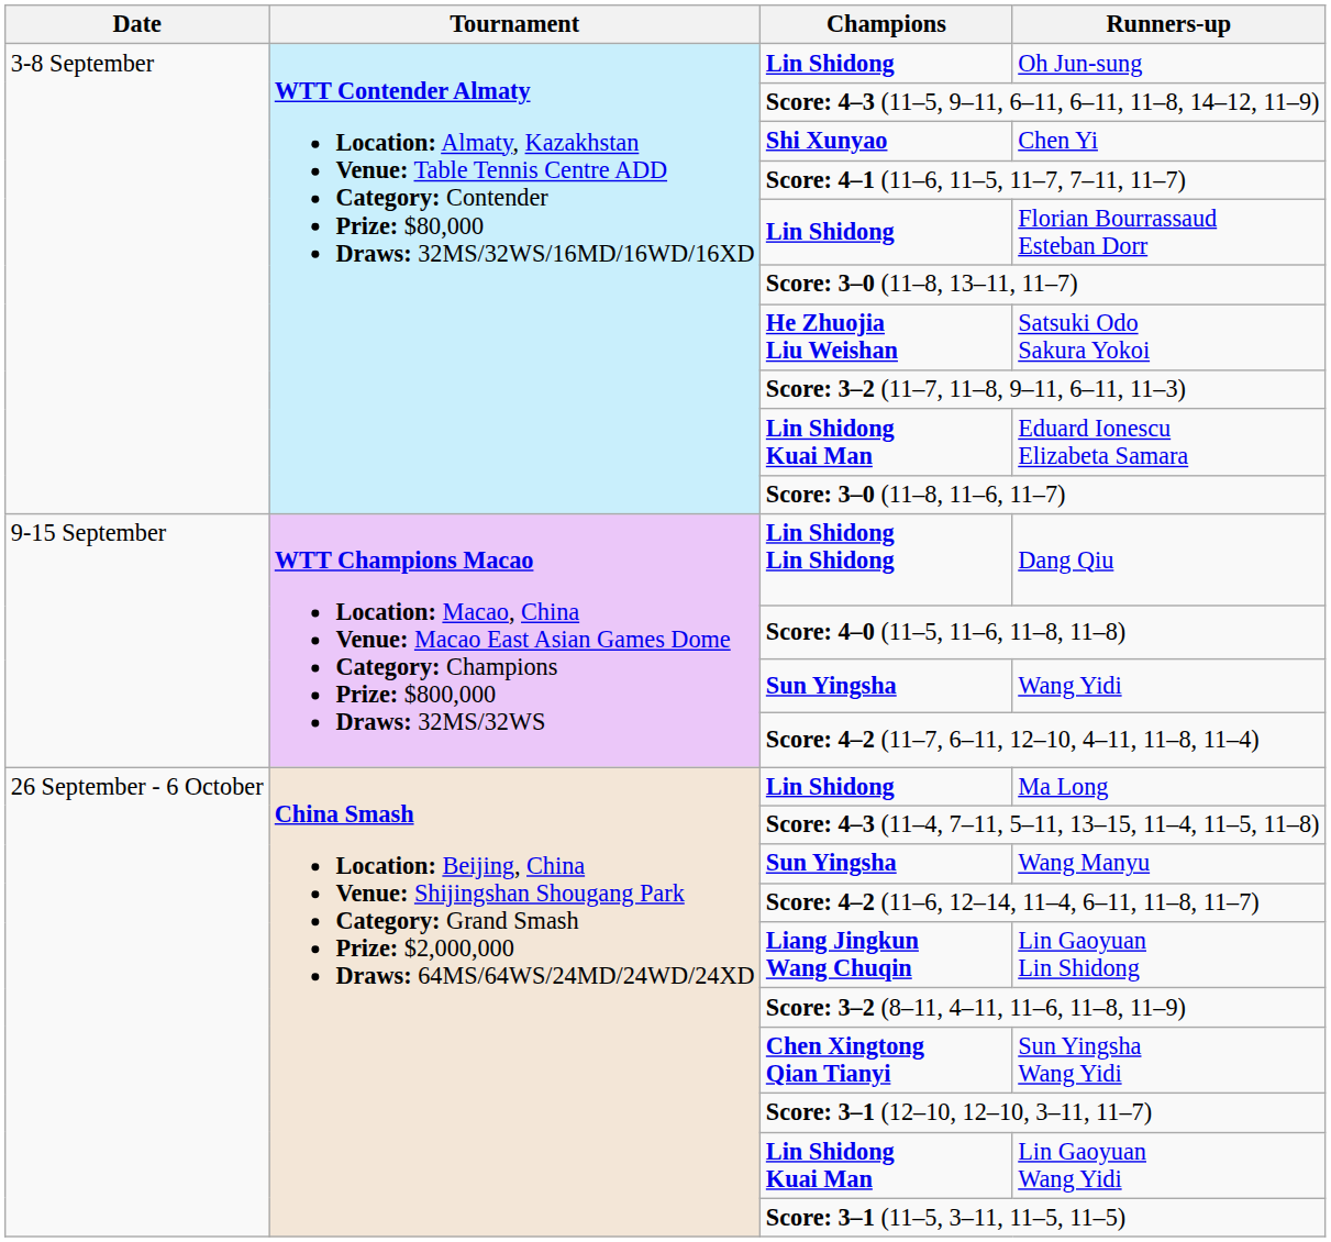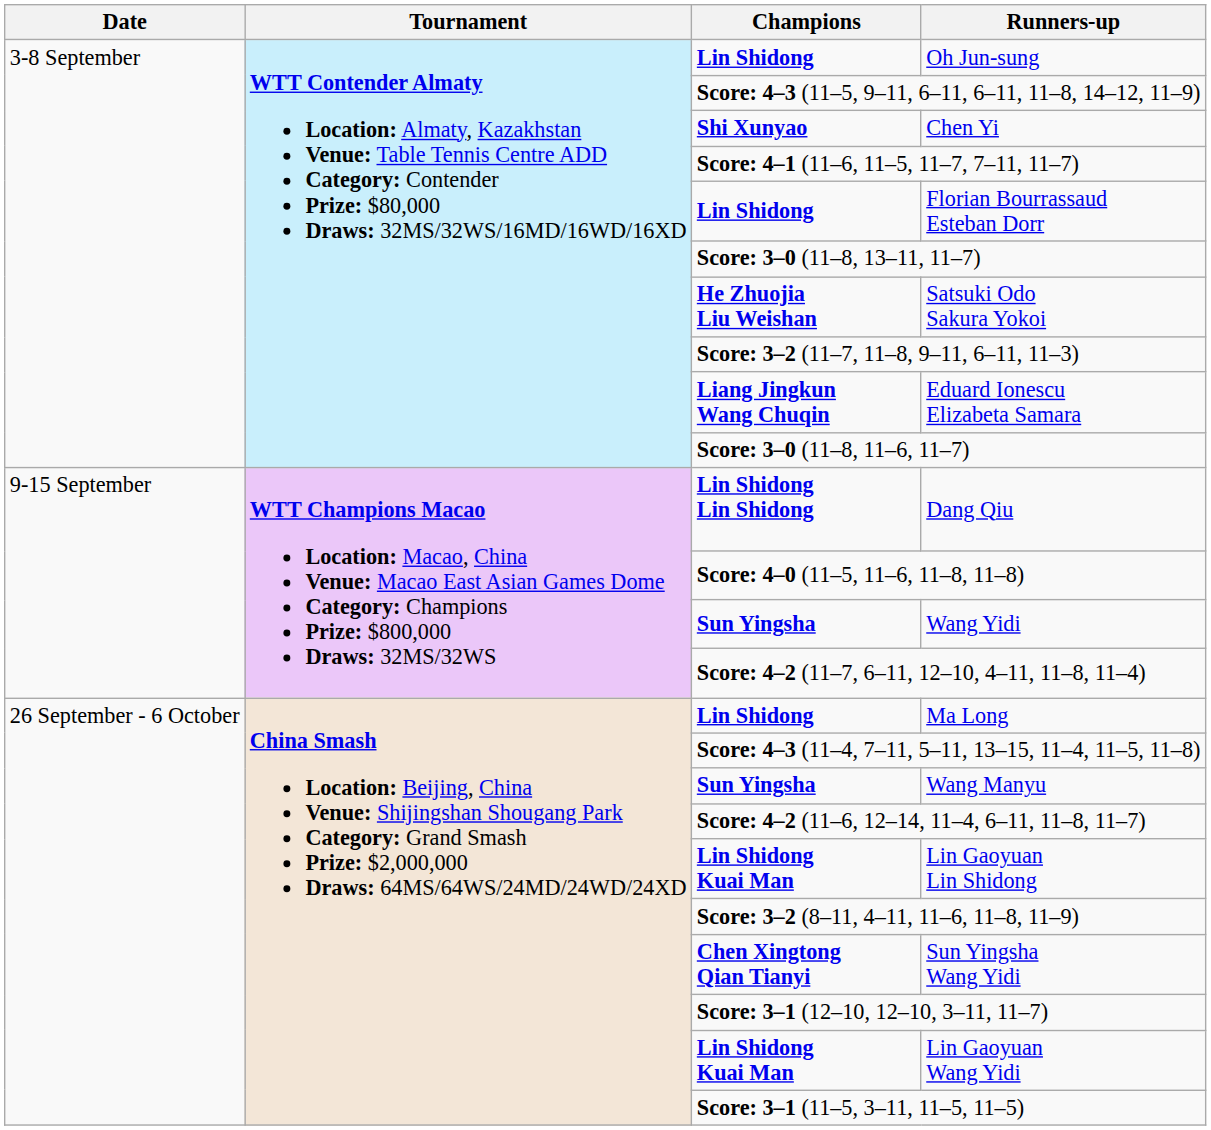 <table class="wikitable">
 <tr>
 <th scope=col>Date</th>
 <th scope=col>Tournament</th>
 <th scope=col>Champions</th>
 <th scope=col>Runners-up</th>
 </tr>
 <tr valign=top>
 <td rowspan=10>3-8 September</td>
 <td style="background:#C9EFFC;" rowspan="10"><br><strong><a href='#'>WTT Contender Almaty</a></strong><ul><li><strong>Location:</strong> <a href='#'>Almaty</a>, <a href='#'>Kazakhstan</a></li><li><strong>Venue:</strong> <a href='#'>Table Tennis Centre ADD</a></li><li><strong>Category:</strong> Contender</li><li><strong>Prize:</strong> $80,000</li><li><strong>Draws:</strong> 32MS/32WS/16MD/16WD/16XD</li></ul></td>
 <td><strong> <a href='#'>Lin Shidong</a></strong></td>
 <td> <a href='#'>Oh Jun-sung</a></td>
 </tr>
 <tr>
 <td colspan=2><strong>Score: 4–3</strong> (11–5, 9–11, 6–11, 6–11, 11–8, 14–12, 11–9)</td>
 </tr>
 <tr valign=top>
 <td><strong> <a href='#'>Shi Xunyao</a></strong></td>
 <td> <a href='#'>Chen Yi</a></td>
 </tr>
 <tr>
 <td colspan=2><strong>Score: 4–1</strong> (11–6, 11–5, 11–7, 7–11, 11–7)</td>
 </tr>
 <tr valign=top>
 <td valign=middle><strong> <a href='#'>Lin Shidong</a></strong></td>
 <td> <a href='#'>Florian Bourrassaud</a><br> <a href='#'>Esteban Dorr</a></td>
 </tr>
 <tr>
 <td colspan=2><strong>Score: 3–0</strong> (11–8, 13–11, 11–7)</td>
 </tr>
 <tr valign=top>
 <td><strong> <a href='#'>He Zhuojia</a><br> <a href='#'>Liu Weishan</a></strong></td>
 <td> <a href='#'>Satsuki Odo</a><br> <a href='#'>Sakura Yokoi</a></td>
 </tr>
 <tr>
 <td colspan=2><strong>Score: 3–2</strong> (11–7, 11–8, 9–11, 6–11, 11–3)</td>
 </tr>
 <tr valign=top>
-<td><strong> <a href='#'>Lin Shidong</a><br> <a href='#'>Kuai Man</a></strong></td>
+<td><strong> <a href='#'>Liang Jingkun</a><br> <a href='#'>Wang Chuqin</a></strong></td>
 <td> <a href='#'>Eduard Ionescu</a><br> <a href='#'>Elizabeta Samara</a></td>
 </tr>
 <tr>
 <td colspan=2><strong>Score: 3–0</strong> (11–8, 11–6, 11–7)</td>
 </tr>
 <tr valign=top>
 <td rowspan=4>9-15 September</td>
 <td style="background:#EBC7F9;" rowspan="4"><br><strong><a href='#'>WTT Champions Macao</a></strong><ul><li><strong>Location:</strong> <a href='#'>Macao</a>, <a href='#'>China</a></li><li><strong>Venue:</strong> <a href='#'>Macao East Asian Games Dome</a></li><li><strong>Category:</strong> Champions</li><li><strong>Prize:</strong> $800,000</li><li><strong>Draws:</strong> 32MS/32WS</li></ul></td>
 <td><strong> <a href='#'>Lin Shidong</a><br> <a href='#'>Lin Shidong</a></strong></td>
 <td valign=middle> <a href='#'>Dang Qiu</a></td>
 </tr>
 <tr>
 <td colspan=2><strong>Score: 4–0</strong> (11–5, 11–6, 11–8, 11–8)</td>
 </tr>
 <tr valign=middle>
 <td><strong> <a href='#'>Sun Yingsha</a></strong></td>
 <td> <a href='#'>Wang Yidi</a></td>
 </tr>
 <tr>
 <td colspan=2><strong>Score: 4–2</strong> (11–7, 6–11, 12–10, 4–11, 11–8, 11–4)</td>
 </tr>
 <tr valign=top>
 <td rowspan=10>26 September - 6 October</td>
 <td style="background:#f3e6d7;" rowspan="10"><br><strong><a href='#'>China Smash</a></strong><ul><li><strong>Location:</strong> <a href='#'>Beijing</a>, <a href='#'>China</a></li><li><strong>Venue:</strong> <a href='#'>Shijingshan Shougang Park</a></li><li><strong>Category:</strong> Grand Smash</li><li><strong>Prize:</strong> $2,000,000</li><li><strong>Draws:</strong> 64MS/64WS/24MD/24WD/24XD</li></ul></td>
 <td><strong> <a href='#'>Lin Shidong</a></strong></td>
 <td> <a href='#'>Ma Long</a></td>
 </tr>
 <tr>
 <td colspan=2><strong>Score: 4–3</strong> (11–4, 7–11, 5–11, 13–15, 11–4, 11–5, 11–8)</td>
 </tr>
 <tr valign=top>
 <td><strong> <a href='#'>Sun Yingsha</a></strong></td>
 <td> <a href='#'>Wang Manyu</a></td>
 </tr>
 <tr>
 <td colspan=2><strong>Score: 4–2</strong> (11–6, 12–14, 11–4, 6–11, 11–8, 11–7)</td>
 </tr>
 <tr valign=top>
-<td><strong> <a href='#'>Liang Jingkun</a><br> <a href='#'>Wang Chuqin</a></strong></td>
+<td><strong> <a href='#'>Lin Shidong</a><br> <a href='#'>Kuai Man</a></strong></td>
 <td> <a href='#'>Lin Gaoyuan</a><br> <a href='#'>Lin Shidong</a></td>
 </tr>
 <tr>
 <td colspan=2><strong>Score: 3–2</strong> (8–11, 4–11, 11–6, 11–8, 11–9)</td>
 </tr>
 <tr valign=top>
 <td><strong> <a href='#'>Chen Xingtong</a><br> <a href='#'>Qian Tianyi</a></strong></td>
 <td> <a href='#'>Sun Yingsha</a><br> <a href='#'>Wang Yidi</a></td>
 </tr>
 <tr>
 <td colspan=2><strong>Score: 3–1</strong> (12–10, 12–10, 3–11, 11–7)</td>
 </tr>
 <tr valign=top>
 <td><strong> <a href='#'>Lin Shidong</a><br> <a href='#'>Kuai Man</a></strong></td>
 <td> <a href='#'>Lin Gaoyuan</a><br> <a href='#'>Wang Yidi</a></td>
 </tr>
 <tr>
 <td colspan=2><strong>Score: 3–1</strong> (11–5, 3–11, 11–5, 11–5)</td>
 </tr>
 </table>
